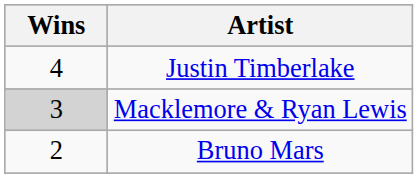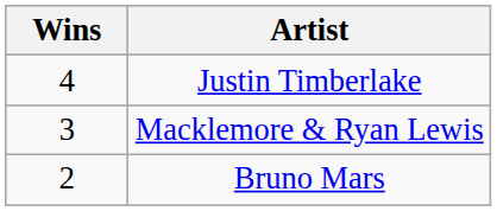 <table class="wikitable" rowspan="2" style="text-align:center">
 <tr>
 <th scope="col" style="width:55px;">Wins</th>
 <th scope="col" style="text-align:center;">Artist</th>
 </tr>
 <tr>
 <td style="text-align:center">4</td>
 <td><a href='#'>Justin Timberlake</a></td>
 </tr>
 <tr>
-<td style="background: lightgrey; text-align:center">3</td>
+<td style="text-align:center">3</td>
 <td><a href='#'>Macklemore & Ryan Lewis</a></td>
 </tr>
 <tr>
 <td style="text-align:center">2</td>
 <td><a href='#'>Bruno Mars</a></td>
 </tr>
 </table>
